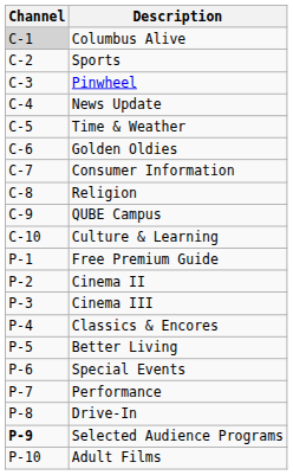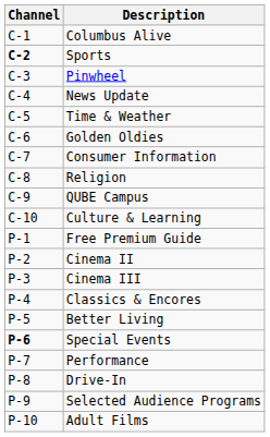 <table class="wikitable">
 <tr>
 <th>Channel</th>
 <th>Description</th>
 </tr>
 <tr>
-<td style="background: lightgrey;">C-1</td>
+<td>C-1</td>
 <td>Columbus Alive</td>
 </tr>
 <tr>
-<td>C-2</td>
+<td><strong>C-2</strong></td>
 <td>Sports</td>
 </tr>
 <tr>
 <td>C-3</td>
 <td><a href='#'>Pinwheel</a></td>
 </tr>
 <tr>
 <td>C-4</td>
 <td>News Update</td>
 </tr>
 <tr>
 <td>C-5</td>
 <td>Time & Weather</td>
 </tr>
 <tr>
 <td>C-6</td>
 <td>Golden Oldies</td>
 </tr>
 <tr>
 <td>C-7</td>
 <td>Consumer Information</td>
 </tr>
 <tr>
 <td>C-8</td>
 <td>Religion</td>
 </tr>
 <tr>
 <td>C-9</td>
 <td>QUBE Campus</td>
 </tr>
 <tr>
 <td>C-10</td>
 <td>Culture & Learning</td>
 </tr>
 <tr>
 <td>P-1</td>
 <td>Free Premium Guide</td>
 </tr>
 <tr>
 <td>P-2</td>
 <td>Cinema II</td>
 </tr>
 <tr>
 <td>P-3</td>
 <td>Cinema III</td>
 </tr>
 <tr>
 <td>P-4</td>
 <td>Classics & Encores</td>
 </tr>
 <tr>
 <td>P-5</td>
 <td>Better Living</td>
 </tr>
 <tr>
-<td>P-6</td>
+<td><strong>P-6</strong></td>
 <td>Special Events</td>
 </tr>
 <tr>
 <td>P-7</td>
 <td>Performance</td>
 </tr>
 <tr>
 <td>P-8</td>
 <td>Drive-In</td>
 </tr>
 <tr>
-<td><strong>P-9</strong></td>
+<td>P-9</td>
 <td>Selected Audience Programs</td>
 </tr>
 <tr>
 <td>P-10</td>
 <td>Adult Films</td>
 </tr>
 </table>
